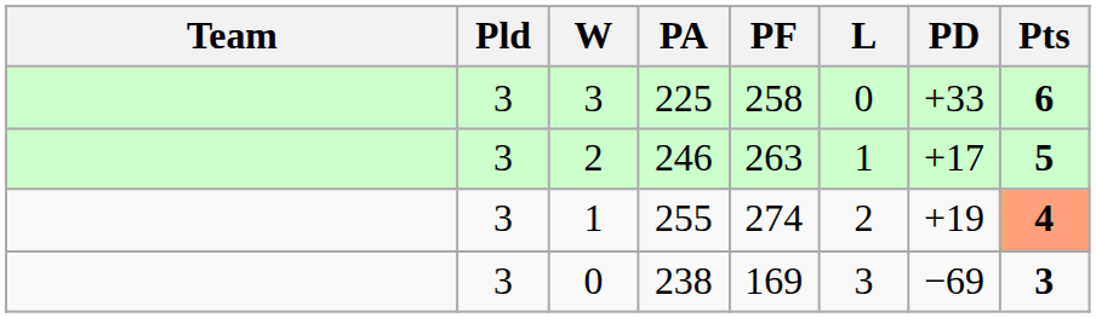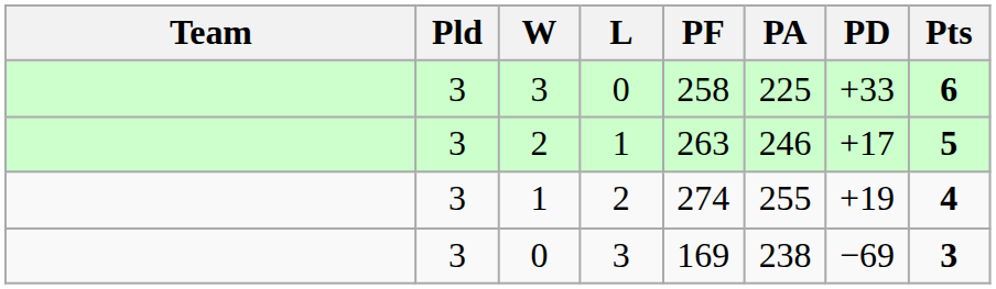 <table class=wikitable style="text-align:center">
 <tr>
 <th width=180>Team</th>
 <th width=30>Pld</th>
 <th width=30>W</th>
+<th width=30>L</th>
+<th width=30>PF</th>
 <th width=30>PA</th>
-<th width=30>PF</th>
-<th width=30>L</th>
 <th width=30>PD</th>
 <th width=30>Pts</th>
 </tr>
 <tr align=center bgcolor="#ccffcc">
 <td align=left></td>
 <td>3</td>
 <td>3</td>
+<td>0</td>
+<td>258</td>
 <td>225</td>
-<td>258</td>
-<td>0</td>
 <td>+33</td>
 <td><strong>6</strong></td>
 </tr>
 <tr align=center bgcolor="#ccffcc">
 <td align=left></td>
 <td>3</td>
 <td>2</td>
+<td>1</td>
+<td>263</td>
 <td>246</td>
-<td>263</td>
-<td>1</td>
 <td>+17</td>
 <td><strong>5</strong></td>
 </tr>
 <tr align=center>
 <td align=left></td>
 <td>3</td>
 <td>1</td>
+<td>2</td>
+<td>274</td>
 <td>255</td>
-<td>274</td>
-<td>2</td>
 <td>+19</td>
-<td style="background: lightsalmon;"><strong>4</strong></td>
+<td><strong>4</strong></td>
 </tr>
 <tr align=center>
 <td align=left></td>
 <td>3</td>
 <td>0</td>
+<td>3</td>
+<td>169</td>
 <td>238</td>
-<td>169</td>
-<td>3</td>
 <td>−69</td>
 <td><strong>3</strong></td>
 </tr>
 </table>
